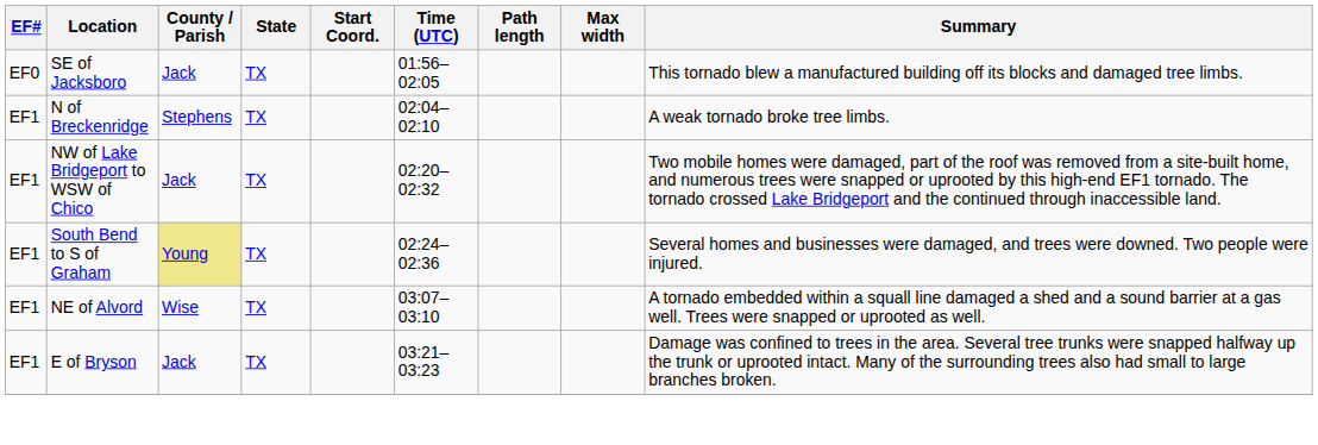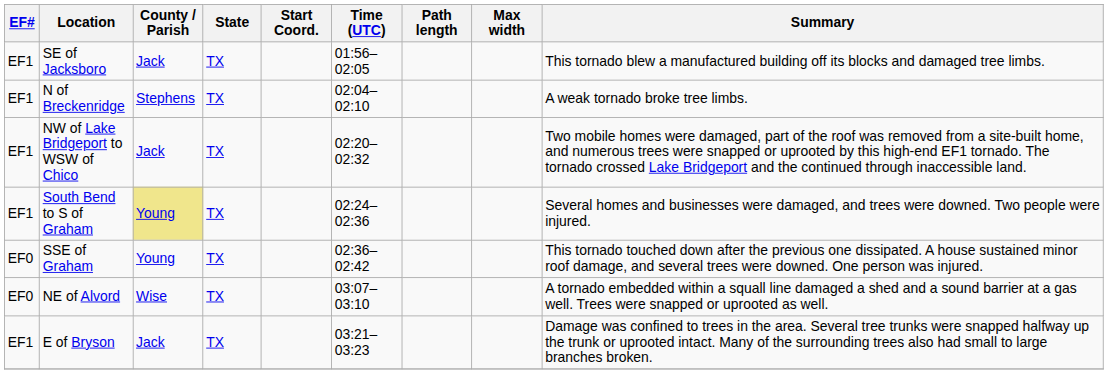 <table class="wikitable sortable" style="width:100%;">
 <tr>
 <th scope="col"  style="width:3%; text-align:center;"><a href='#'>EF#</a></th>
 <th scope="col"  style="width:7%; text-align:center;" class="unsortable">Location</th>
 <th scope="col"  style="width:6%; text-align:center;" class="unsortable">County / Parish</th>
 <th scope="col"  style="width:5%; text-align:center;">State</th>
 <th scope="col"  style="width:6%; text-align:center;">Start Coord.</th>
 <th scope="col"  style="width:6%; text-align:center;">Time (<a href='#'>UTC</a>)</th>
 <th scope="col"  style="width:6%; text-align:center;">Path length</th>
 <th scope="col"  style="width:6%; text-align:center;">Max width</th>
 <th scope="col" class="unsortable" style="width:48%; text-align:center;">Summary</th>
 </tr>
 <tr>
-<td>EF0</td>
+<td>EF1</td>
 <td>SE of <a href='#'>Jacksboro</a></td>
 <td><a href='#'>Jack</a></td>
 <td><a href='#'>TX</a></td>
 <td></td>
 <td>01:56–02:05</td>
 <td></td>
 <td></td>
 <td>This tornado blew a manufactured building off its blocks and damaged tree limbs.</td>
 </tr>
 <tr>
 <td>EF1</td>
 <td>N of <a href='#'>Breckenridge</a></td>
 <td><a href='#'>Stephens</a></td>
 <td><a href='#'>TX</a></td>
 <td></td>
 <td>02:04–02:10</td>
 <td></td>
 <td></td>
 <td>A weak tornado broke tree limbs.</td>
 </tr>
 <tr>
 <td>EF1</td>
 <td>NW of <a href='#'>Lake Bridgeport</a> to WSW of <a href='#'>Chico</a></td>
 <td><a href='#'>Jack</a></td>
 <td><a href='#'>TX</a></td>
 <td></td>
 <td>02:20–02:32</td>
 <td></td>
 <td></td>
 <td>Two mobile homes were damaged, part of the roof was removed from a site-built home, and numerous trees were snapped or uprooted by this high-end EF1 tornado. The tornado crossed <a href='#'>Lake Bridgeport</a> and the continued through inaccessible land.</td>
 </tr>
 <tr>
 <td>EF1</td>
 <td><a href='#'>South Bend</a> to S of <a href='#'>Graham</a></td>
 <td style="background: khaki;"><a href='#'>Young</a></td>
 <td><a href='#'>TX</a></td>
 <td></td>
 <td>02:24–02:36</td>
 <td></td>
 <td></td>
 <td>Several homes and businesses were damaged, and trees were downed. Two people were injured.</td>
 </tr>
 <tr>
-<td>EF1</td>
+<td>EF0</td>
+<td>SSE of <a href='#'>Graham</a></td>
+<td><a href='#'>Young</a></td>
+<td><a href='#'>TX</a></td>
+<td></td>
+<td>02:36–02:42</td>
+<td></td>
+<td></td>
+<td>This tornado touched down after the previous one dissipated. A house sustained minor roof damage, and several trees were downed. One person was injured.</td>
+</tr>
+<tr>
+<td>EF0</td>
 <td>NE of <a href='#'>Alvord</a></td>
 <td><a href='#'>Wise</a></td>
 <td><a href='#'>TX</a></td>
 <td></td>
 <td>03:07–03:10</td>
 <td></td>
 <td></td>
 <td>A tornado embedded within a squall line damaged a shed and a sound barrier at a gas well. Trees were snapped or uprooted as well.</td>
 </tr>
 <tr>
 <td>EF1</td>
 <td>E of <a href='#'>Bryson</a></td>
 <td><a href='#'>Jack</a></td>
 <td><a href='#'>TX</a></td>
 <td></td>
 <td>03:21–03:23</td>
 <td></td>
 <td></td>
 <td>Damage was confined to trees in the area. Several tree trunks were snapped halfway up the trunk or uprooted intact. Many of the surrounding trees also had small to large branches broken.</td>
 </tr>
 <tr>
 </tr>
 </table>
